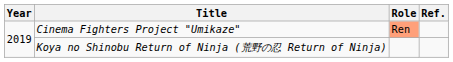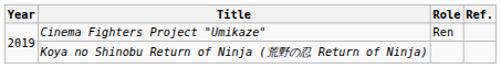 <table class="wikitable">
 <tr>
 <th>Year</th>
 <th>Title</th>
 <th>Role</th>
 <th>Ref.</th>
 </tr>
 <tr>
 <td rowspan="2">2019</td>
 <td><em>Cinema Fighters Project "Umikaze"</em></td>
-<td style="background: lightsalmon;">Ren</td>
+<td>Ren</td>
 <td></td>
 </tr>
 <tr>
 <td><em>Koya no Shinobu Return of Ninja (荒野の忍 Return of Ninja)</em></td>
 <td></td>
 <td></td>
 </tr>
 </table>
